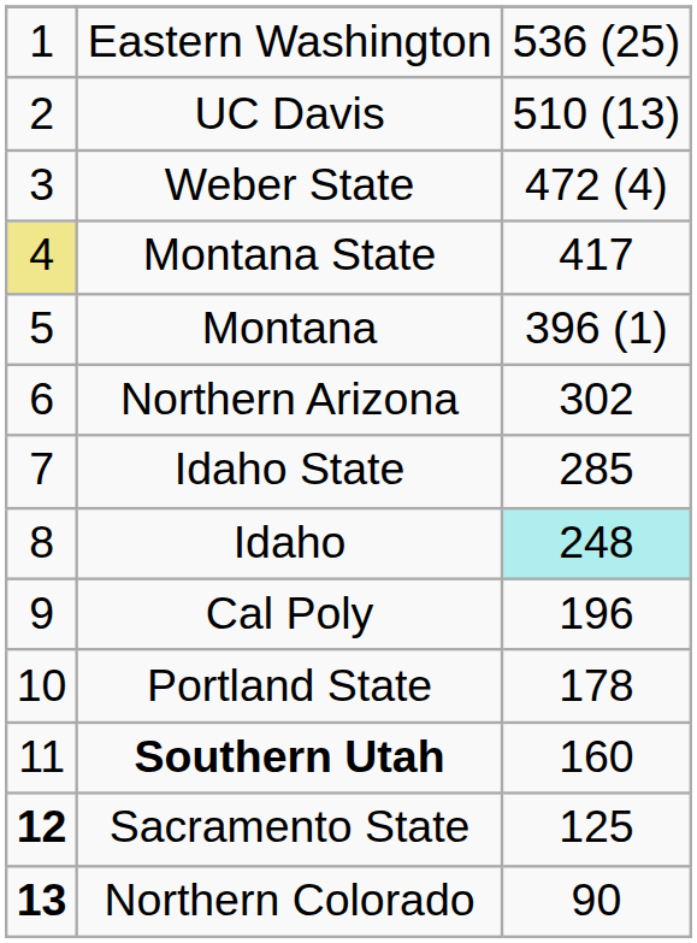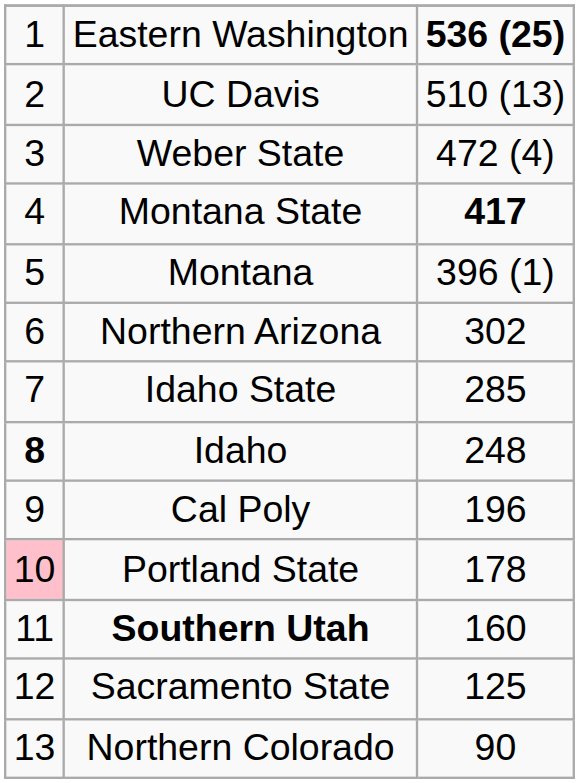 <table class="wikitable" style="display: inline-table;">
 <tr align="center">
 </tr>
 <tr align="center">
 <td>1</td>
 <td>Eastern Washington</td>
-<td>536 (25)</td>
+<td><strong>536 (25)</strong></td>
 </tr>
 <tr align="center">
 <td>2</td>
 <td>UC Davis</td>
 <td>510 (13)</td>
 </tr>
 <tr align="center">
 <td>3</td>
 <td>Weber State</td>
 <td>472 (4)</td>
 </tr>
 <tr align="center">
-<td style="background: khaki;">4</td>
+<td>4</td>
 <td>Montana State</td>
-<td>417</td>
+<td><strong>417</strong></td>
 </tr>
 <tr align="center">
 <td>5</td>
 <td>Montana</td>
 <td>396 (1)</td>
 </tr>
 <tr align="center">
 <td>6</td>
 <td>Northern Arizona</td>
 <td>302</td>
 </tr>
 <tr align="center">
 <td>7</td>
 <td>Idaho State</td>
 <td>285</td>
 </tr>
 <tr align="center">
-<td>8</td>
+<td><strong>8</strong></td>
 <td>Idaho</td>
-<td style="background: paleturquoise;">248</td>
+<td>248</td>
 </tr>
 <tr align="center">
 <td>9</td>
 <td>Cal Poly</td>
 <td>196</td>
 </tr>
 <tr align="center">
-<td>10</td>
+<td style="background: pink;">10</td>
 <td>Portland State</td>
 <td>178</td>
 </tr>
 <tr align="center">
 <td>11</td>
 <td><strong>Southern Utah</strong></td>
 <td>160</td>
 </tr>
 <tr align="center">
-<td><strong>12</strong></td>
+<td>12</td>
 <td>Sacramento State</td>
 <td>125</td>
 </tr>
 <tr align="center">
-<td><strong>13</strong></td>
+<td>13</td>
 <td>Northern Colorado</td>
 <td>90</td>
 </tr>
 </table>
